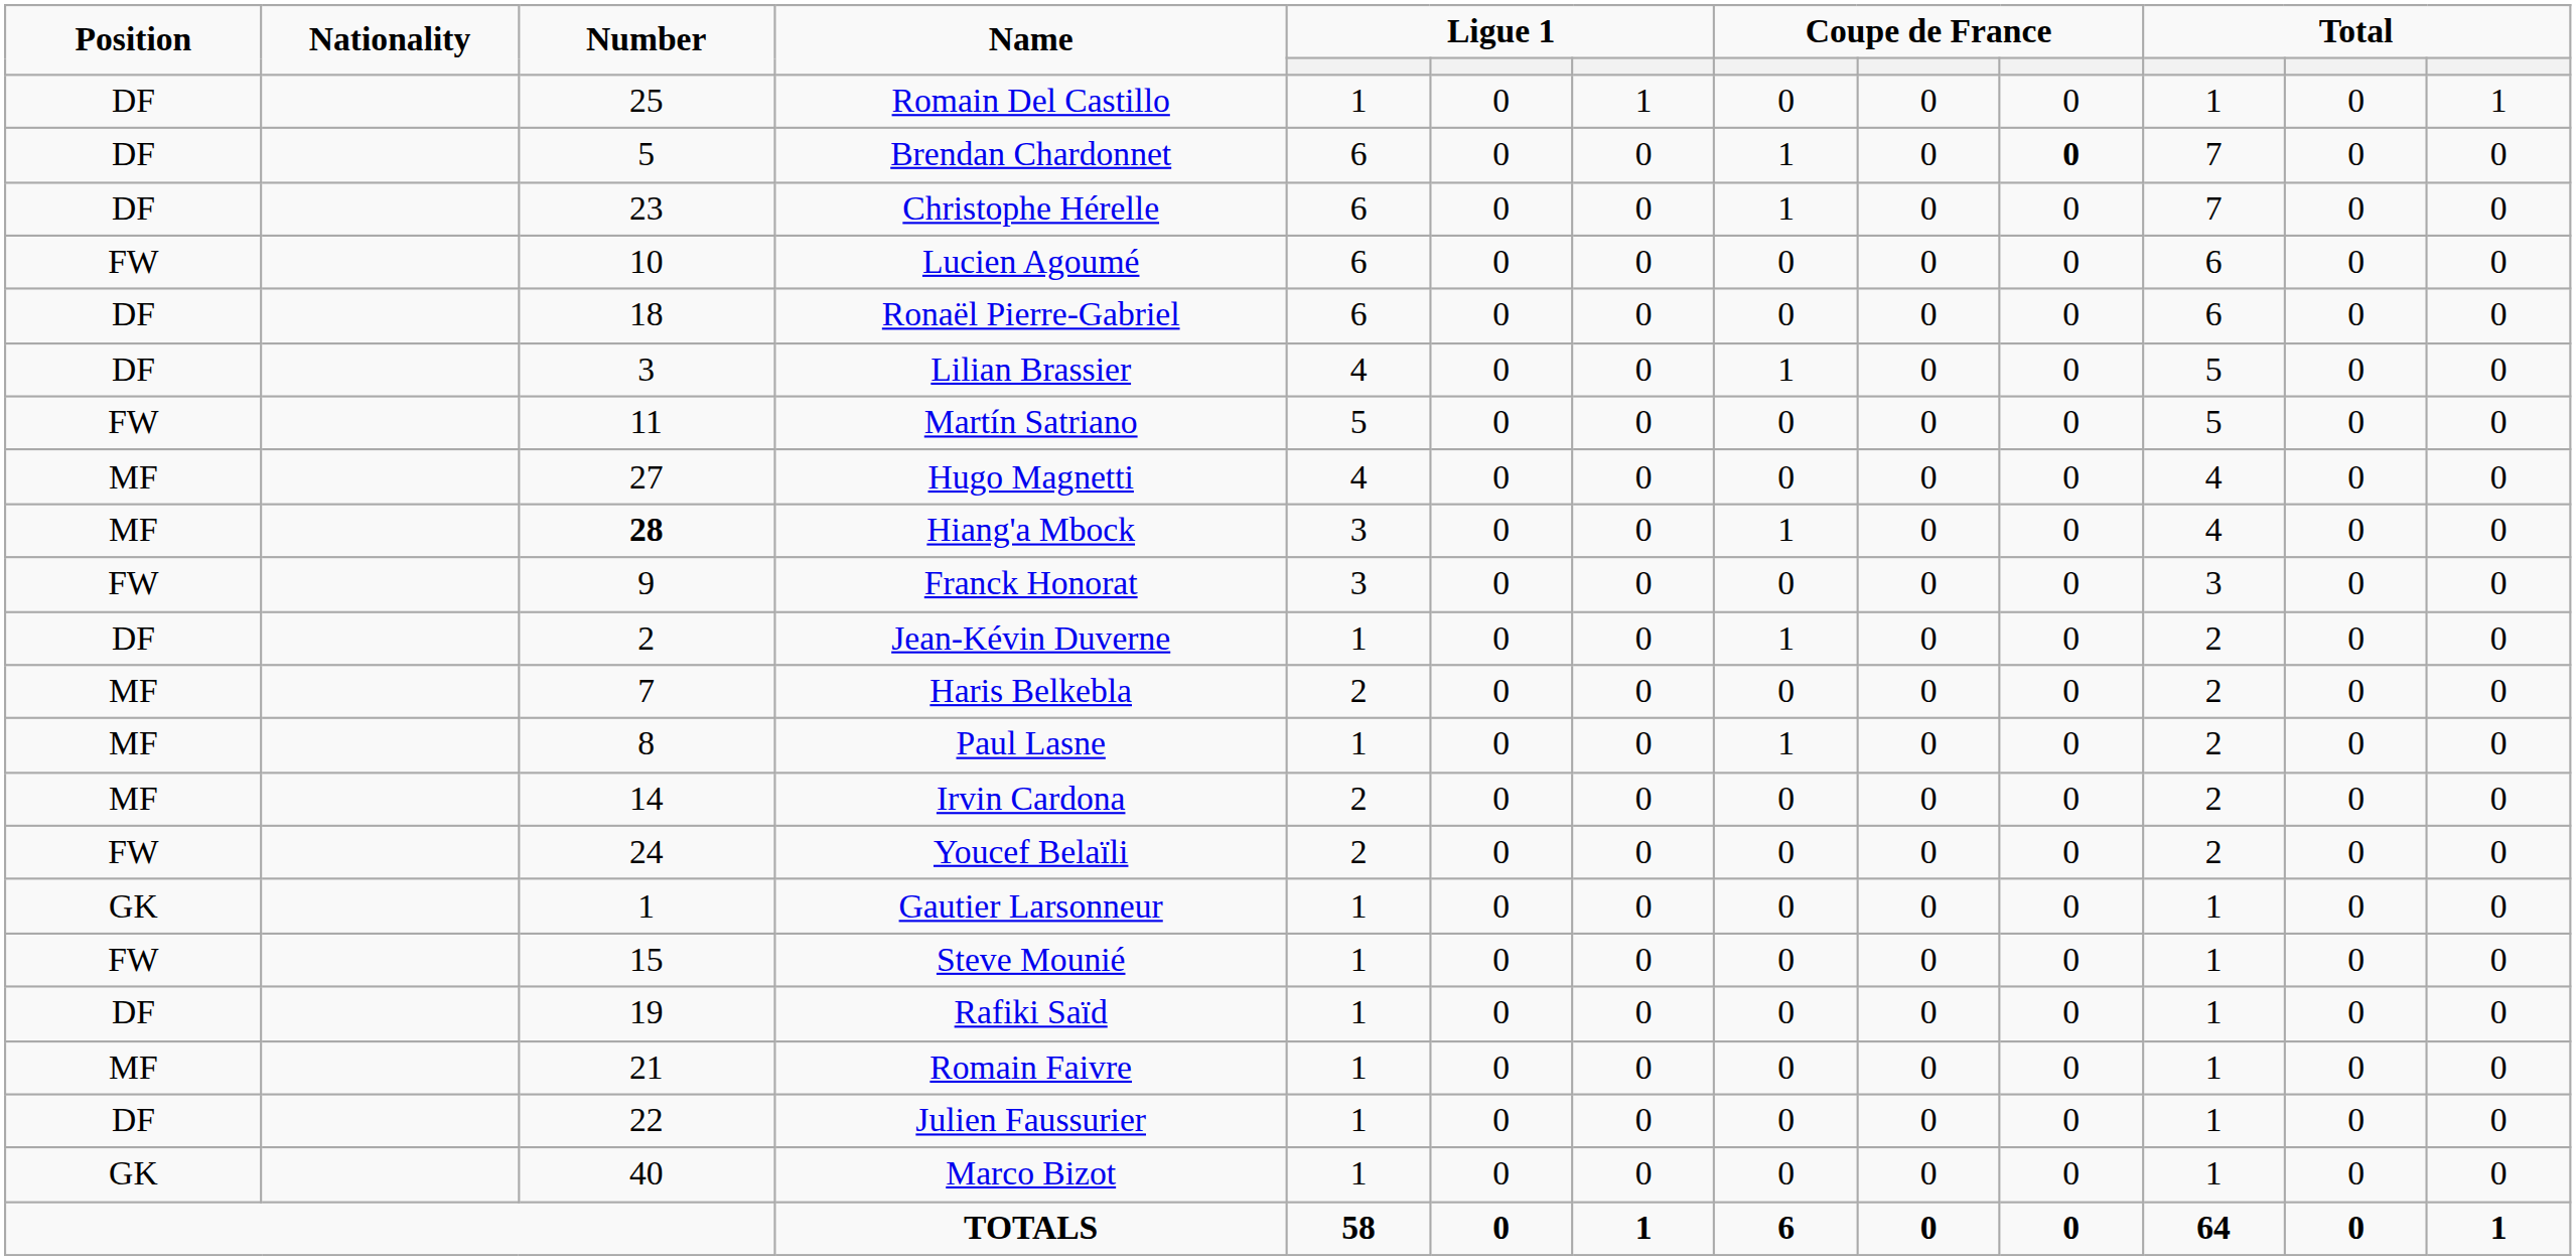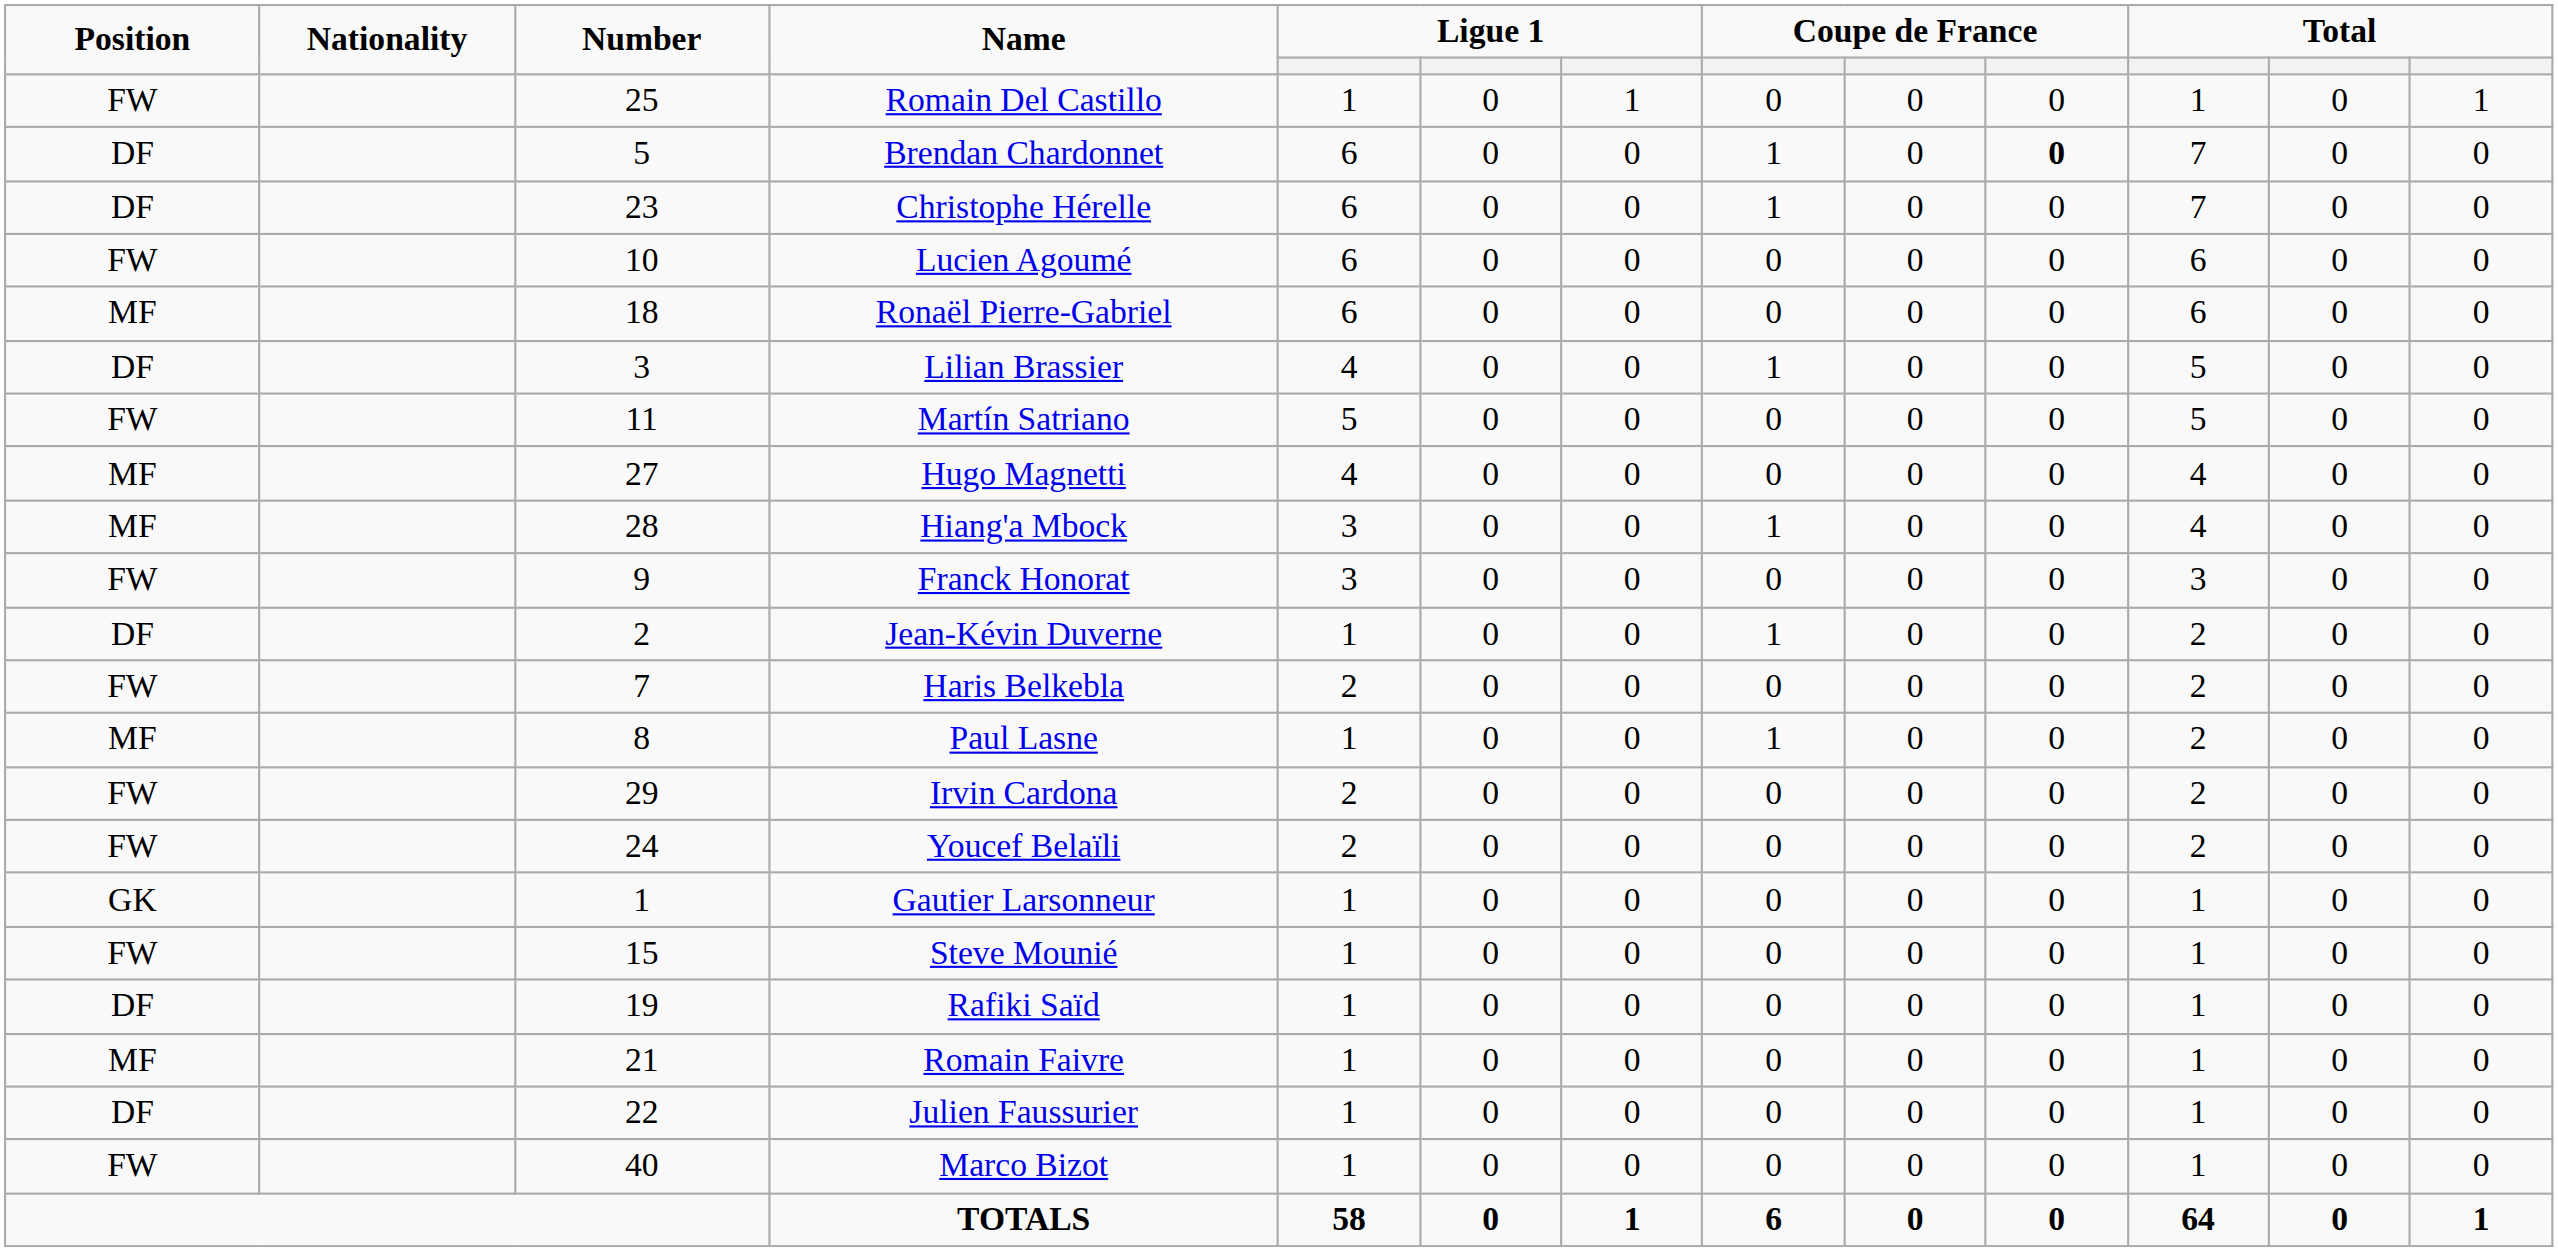 <table class="wikitable" style="font-size: 100%; text-align: center;">
 <tr>
 <td rowspan="2" width="10%" align="center"><strong>Position</strong></td>
 <td rowspan="2" width="10%" align="center"><strong>Nationality</strong></td>
 <td rowspan="2" width="10%" align="center"><strong>Number</strong></td>
 <td rowspan="2" width="20%" align="center"><strong>Name</strong></td>
 <td colspan="3" align="center"><strong>Ligue 1</strong></td>
 <td colspan="3" align="center"><strong>Coupe de France</strong></td>
 <td colspan="3" align="center"><strong>Total</strong></td>
 </tr>
 <tr>
 <th width=60 style="background:"></th>
 <th width=60 style="background:"></th>
 <th width=60 style="background:"></th>
 <th width=60 style="background:"></th>
 <th width=60 style="background:"></th>
 <th width=60 style="background:"></th>
 <th width=60 style="background:"></th>
 <th width=60 style="background:"></th>
 <th width=60 style="background:"></th>
 </tr>
 <tr>
-<td>DF</td>
+<td>FW</td>
 <td></td>
 <td>25</td>
 <td><a href='#'>Romain Del Castillo</a></td>
 <td>1</td>
 <td>0</td>
 <td>1</td>
 <td>0</td>
 <td>0</td>
 <td>0</td>
 <td>1</td>
 <td>0</td>
 <td>1</td>
 </tr>
 <tr>
 <td>DF</td>
 <td></td>
 <td>5</td>
 <td><a href='#'>Brendan Chardonnet</a></td>
 <td>6</td>
 <td>0</td>
 <td>0</td>
 <td>1</td>
 <td>0</td>
 <td><strong>0</strong></td>
 <td>7</td>
 <td>0</td>
 <td>0</td>
 </tr>
 <tr>
 <td>DF</td>
 <td></td>
 <td>23</td>
 <td><a href='#'>Christophe Hérelle</a></td>
 <td>6</td>
 <td>0</td>
 <td>0</td>
 <td>1</td>
 <td>0</td>
 <td>0</td>
 <td>7</td>
 <td>0</td>
 <td>0</td>
 </tr>
 <tr>
 <td>FW</td>
 <td></td>
 <td>10</td>
 <td><a href='#'>Lucien Agoumé</a></td>
 <td>6</td>
 <td>0</td>
 <td>0</td>
 <td>0</td>
 <td>0</td>
 <td>0</td>
 <td>6</td>
 <td>0</td>
 <td>0</td>
 </tr>
 <tr>
-<td>DF</td>
+<td>MF</td>
 <td></td>
 <td>18</td>
 <td><a href='#'>Ronaël Pierre-Gabriel</a></td>
 <td>6</td>
 <td>0</td>
 <td>0</td>
 <td>0</td>
 <td>0</td>
 <td>0</td>
 <td>6</td>
 <td>0</td>
 <td>0</td>
 </tr>
 <tr>
 <td>DF</td>
 <td></td>
 <td>3</td>
 <td><a href='#'>Lilian Brassier</a></td>
 <td>4</td>
 <td>0</td>
 <td>0</td>
 <td>1</td>
 <td>0</td>
 <td>0</td>
 <td>5</td>
 <td>0</td>
 <td>0</td>
 </tr>
 <tr>
 <td>FW</td>
 <td></td>
 <td>11</td>
 <td><a href='#'>Martín Satriano</a></td>
 <td>5</td>
 <td>0</td>
 <td>0</td>
 <td>0</td>
 <td>0</td>
 <td>0</td>
 <td>5</td>
 <td>0</td>
 <td>0</td>
 </tr>
 <tr>
 <td>MF</td>
 <td></td>
 <td>27</td>
 <td><a href='#'>Hugo Magnetti</a></td>
 <td>4</td>
 <td>0</td>
 <td>0</td>
 <td>0</td>
 <td>0</td>
 <td>0</td>
 <td>4</td>
 <td>0</td>
 <td>0</td>
 </tr>
 <tr>
 <td>MF</td>
 <td></td>
-<td><strong>28</strong></td>
+<td>28</td>
 <td><a href='#'>Hiang'a Mbock</a></td>
 <td>3</td>
 <td>0</td>
 <td>0</td>
 <td>1</td>
 <td>0</td>
 <td>0</td>
 <td>4</td>
 <td>0</td>
 <td>0</td>
 </tr>
 <tr>
 <td>FW</td>
 <td></td>
 <td>9</td>
 <td><a href='#'>Franck Honorat</a></td>
 <td>3</td>
 <td>0</td>
 <td>0</td>
 <td>0</td>
 <td>0</td>
 <td>0</td>
 <td>3</td>
 <td>0</td>
 <td>0</td>
 </tr>
 <tr>
 <td>DF</td>
 <td></td>
 <td>2</td>
 <td><a href='#'>Jean-Kévin Duverne</a></td>
 <td>1</td>
 <td>0</td>
 <td>0</td>
 <td>1</td>
 <td>0</td>
 <td>0</td>
 <td>2</td>
 <td>0</td>
 <td>0</td>
 </tr>
 <tr>
-<td>MF</td>
+<td>FW</td>
 <td></td>
 <td>7</td>
 <td><a href='#'>Haris Belkebla</a></td>
 <td>2</td>
 <td>0</td>
 <td>0</td>
 <td>0</td>
 <td>0</td>
 <td>0</td>
 <td>2</td>
 <td>0</td>
 <td>0</td>
 </tr>
 <tr>
 <td>MF</td>
 <td></td>
 <td>8</td>
 <td><a href='#'>Paul Lasne</a></td>
 <td>1</td>
 <td>0</td>
 <td>0</td>
 <td>1</td>
 <td>0</td>
 <td>0</td>
 <td>2</td>
 <td>0</td>
 <td>0</td>
 </tr>
 <tr>
-<td>MF</td>
+<td>FW</td>
 <td></td>
-<td>14</td>
+<td>29</td>
 <td><a href='#'>Irvin Cardona</a></td>
 <td>2</td>
 <td>0</td>
 <td>0</td>
 <td>0</td>
 <td>0</td>
 <td>0</td>
 <td>2</td>
 <td>0</td>
 <td>0</td>
 </tr>
 <tr>
 <td>FW</td>
 <td></td>
 <td>24</td>
 <td><a href='#'>Youcef Belaïli</a></td>
 <td>2</td>
 <td>0</td>
 <td>0</td>
 <td>0</td>
 <td>0</td>
 <td>0</td>
 <td>2</td>
 <td>0</td>
 <td>0</td>
 </tr>
 <tr>
 <td>GK</td>
 <td></td>
 <td>1</td>
 <td><a href='#'>Gautier Larsonneur</a></td>
 <td>1</td>
 <td>0</td>
 <td>0</td>
 <td>0</td>
 <td>0</td>
 <td>0</td>
 <td>1</td>
 <td>0</td>
 <td>0</td>
 </tr>
 <tr>
 <td>FW</td>
 <td></td>
 <td>15</td>
 <td><a href='#'>Steve Mounié</a></td>
 <td>1</td>
 <td>0</td>
 <td>0</td>
 <td>0</td>
 <td>0</td>
 <td>0</td>
 <td>1</td>
 <td>0</td>
 <td>0</td>
 </tr>
 <tr>
 <td>DF</td>
 <td></td>
 <td>19</td>
 <td><a href='#'>Rafiki Saïd</a></td>
 <td>1</td>
 <td>0</td>
 <td>0</td>
 <td>0</td>
 <td>0</td>
 <td>0</td>
 <td>1</td>
 <td>0</td>
 <td>0</td>
 </tr>
 <tr>
 <td>MF</td>
 <td></td>
 <td>21</td>
 <td><a href='#'>Romain Faivre</a></td>
 <td>1</td>
 <td>0</td>
 <td>0</td>
 <td>0</td>
 <td>0</td>
 <td>0</td>
 <td>1</td>
 <td>0</td>
 <td>0</td>
 </tr>
 <tr>
 <td>DF</td>
 <td></td>
 <td>22</td>
 <td><a href='#'>Julien Faussurier</a></td>
 <td>1</td>
 <td>0</td>
 <td>0</td>
 <td>0</td>
 <td>0</td>
 <td>0</td>
 <td>1</td>
 <td>0</td>
 <td>0</td>
 </tr>
 <tr>
-<td>GK</td>
+<td>FW</td>
 <td></td>
 <td>40</td>
 <td><a href='#'>Marco Bizot</a></td>
 <td>1</td>
 <td>0</td>
 <td>0</td>
 <td>0</td>
 <td>0</td>
 <td>0</td>
 <td>1</td>
 <td>0</td>
 <td>0</td>
 </tr>
 <tr>
 <td colspan="3"></td>
 <td><strong>TOTALS</strong></td>
 <td><strong>58</strong></td>
 <td><strong>0</strong></td>
 <td><strong>1</strong></td>
 <td><strong>6</strong></td>
 <td><strong>0</strong></td>
 <td><strong>0</strong></td>
 <td><strong>64</strong></td>
 <td><strong>0</strong></td>
 <td><strong>1</strong></td>
 </tr>
 </table>
